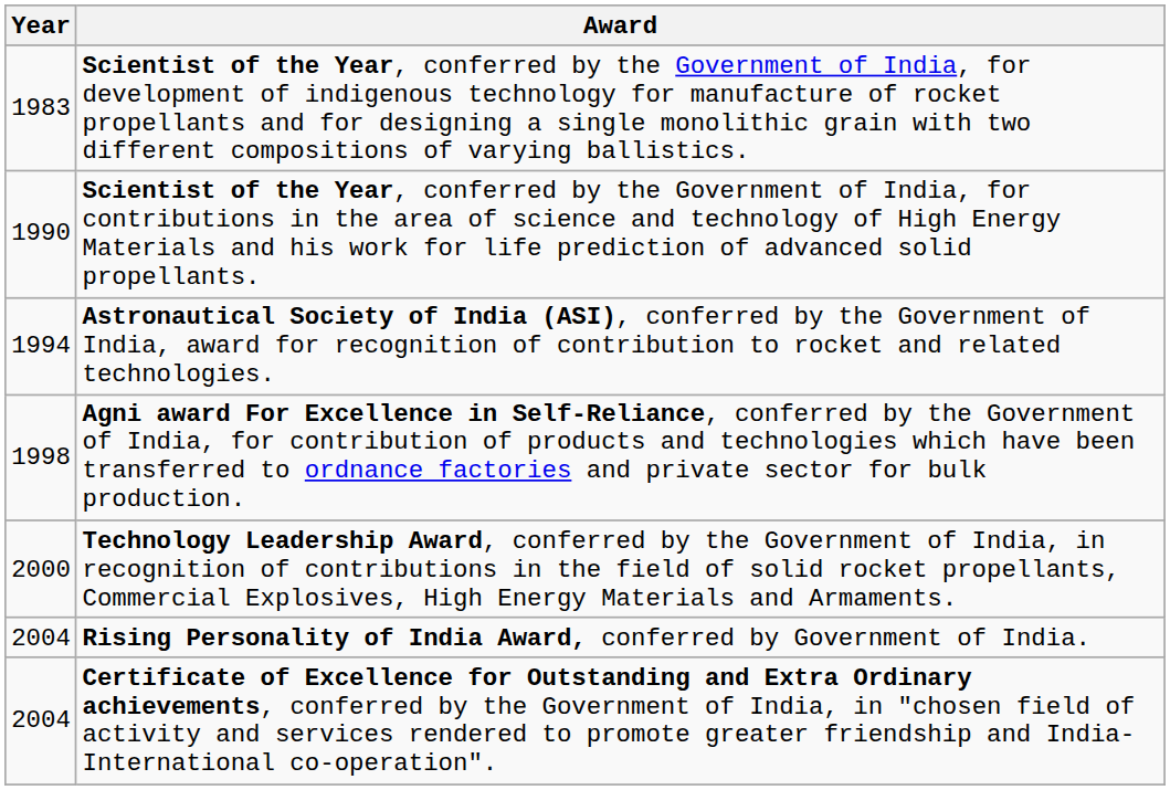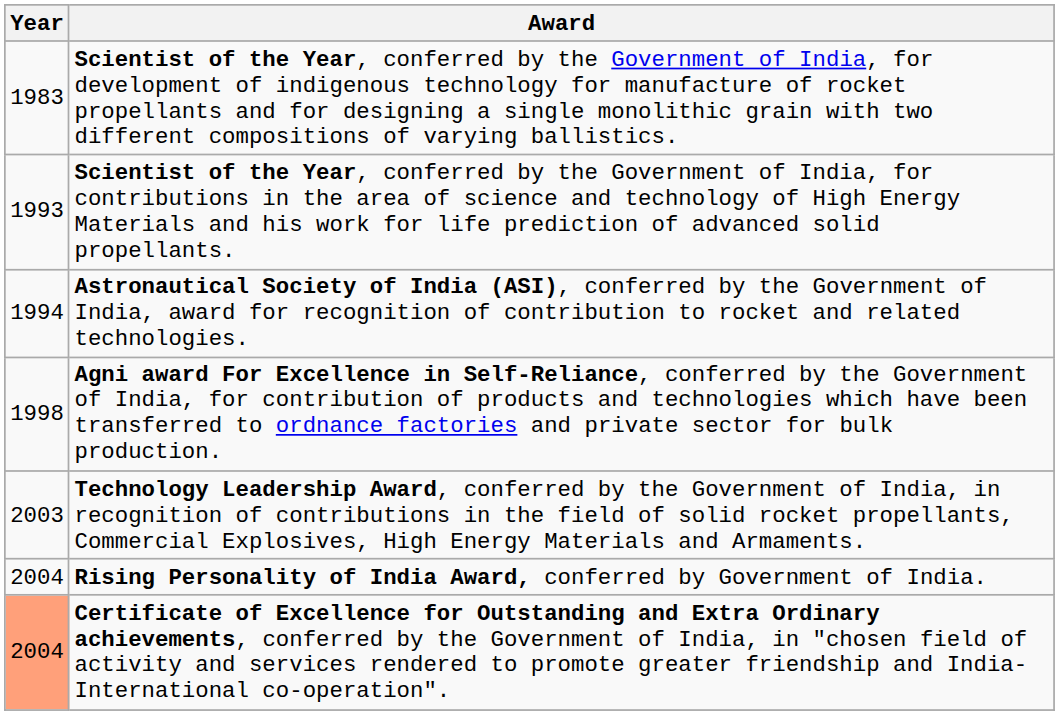 <table class="wikitable">
 <tr>
 <th>Year</th>
 <th>Award</th>
 </tr>
 <tr>
 <td>1983</td>
 <td><strong>Scientist of the Year</strong>, conferred by the <a href='#'>Government of India</a>, for development of indigenous technology for manufacture of rocket propellants and for designing a single monolithic grain with two different compositions of varying ballistics.</td>
 </tr>
 <tr>
-<td>1990</td>
+<td>1993</td>
 <td><strong>Scientist of the Year</strong>, conferred by the Government of India, for contributions in the area of science and technology of High Energy Materials and his work for life prediction of advanced solid propellants. </td>
 </tr>
 <tr>
 <td>1994</td>
 <td><strong>Astronautical Society of India (ASI)</strong>, conferred by the Government of India, award for recognition of contribution to rocket and related technologies. </td>
 </tr>
 <tr>
 <td>1998</td>
 <td><strong>Agni award For Excellence in Self-Reliance</strong>, conferred by the Government of India, for contribution of products and technologies which have been transferred to <a href='#'>ordnance factories</a> and private sector for bulk production.</td>
 </tr>
 <tr>
-<td>2000</td>
+<td>2003</td>
 <td><strong>Technology Leadership Award</strong>, conferred by the Government of India, in recognition of contributions in the field of solid rocket propellants, Commercial Explosives, High Energy Materials and Armaments. </td>
 </tr>
 <tr>
 <td>2004</td>
 <td><strong>Rising Personality of India Award,</strong> conferred by Government of India. </td>
 </tr>
 <tr>
-<td>2004</td>
+<td style="background: lightsalmon;">2004</td>
 <td><strong>Certificate of Excellence for Outstanding and Extra Ordinary achievements</strong>, conferred by the Government of India, in "chosen field of activity and services rendered to promote greater friendship and India-International co-operation". </td>
 </tr>
 </table>
